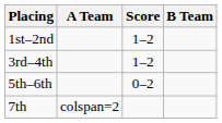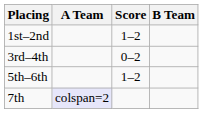 <table class=wikitable style="border:1px solid #AAAAAA;">
 <tr>
 <th>Placing</th>
 <th>A Team</th>
 <th>Score</th>
 <th>B Team</th>
 </tr>
 <tr>
 <td>1st–2nd</td>
 <td></td>
 <td align="center">1–2</td>
 <td><strong></strong></td>
 </tr>
 <tr>
 <td>3rd–4th</td>
 <td></td>
-<td align="center">1–2</td>
+<td align="center">0–2</td>
 <td><strong></strong></td>
 </tr>
 <tr>
 <td>5th–6th</td>
 <td></td>
-<td align="center">0–2</td>
+<td align="center">1–2</td>
 <td><strong></strong></td>
 </tr>
 <tr>
 <td>7th</td>
-<td>colspan=2 </td>
+<td style="background: lavender;">colspan=2 </td>
 <td></td>
 </tr>
 </table>
